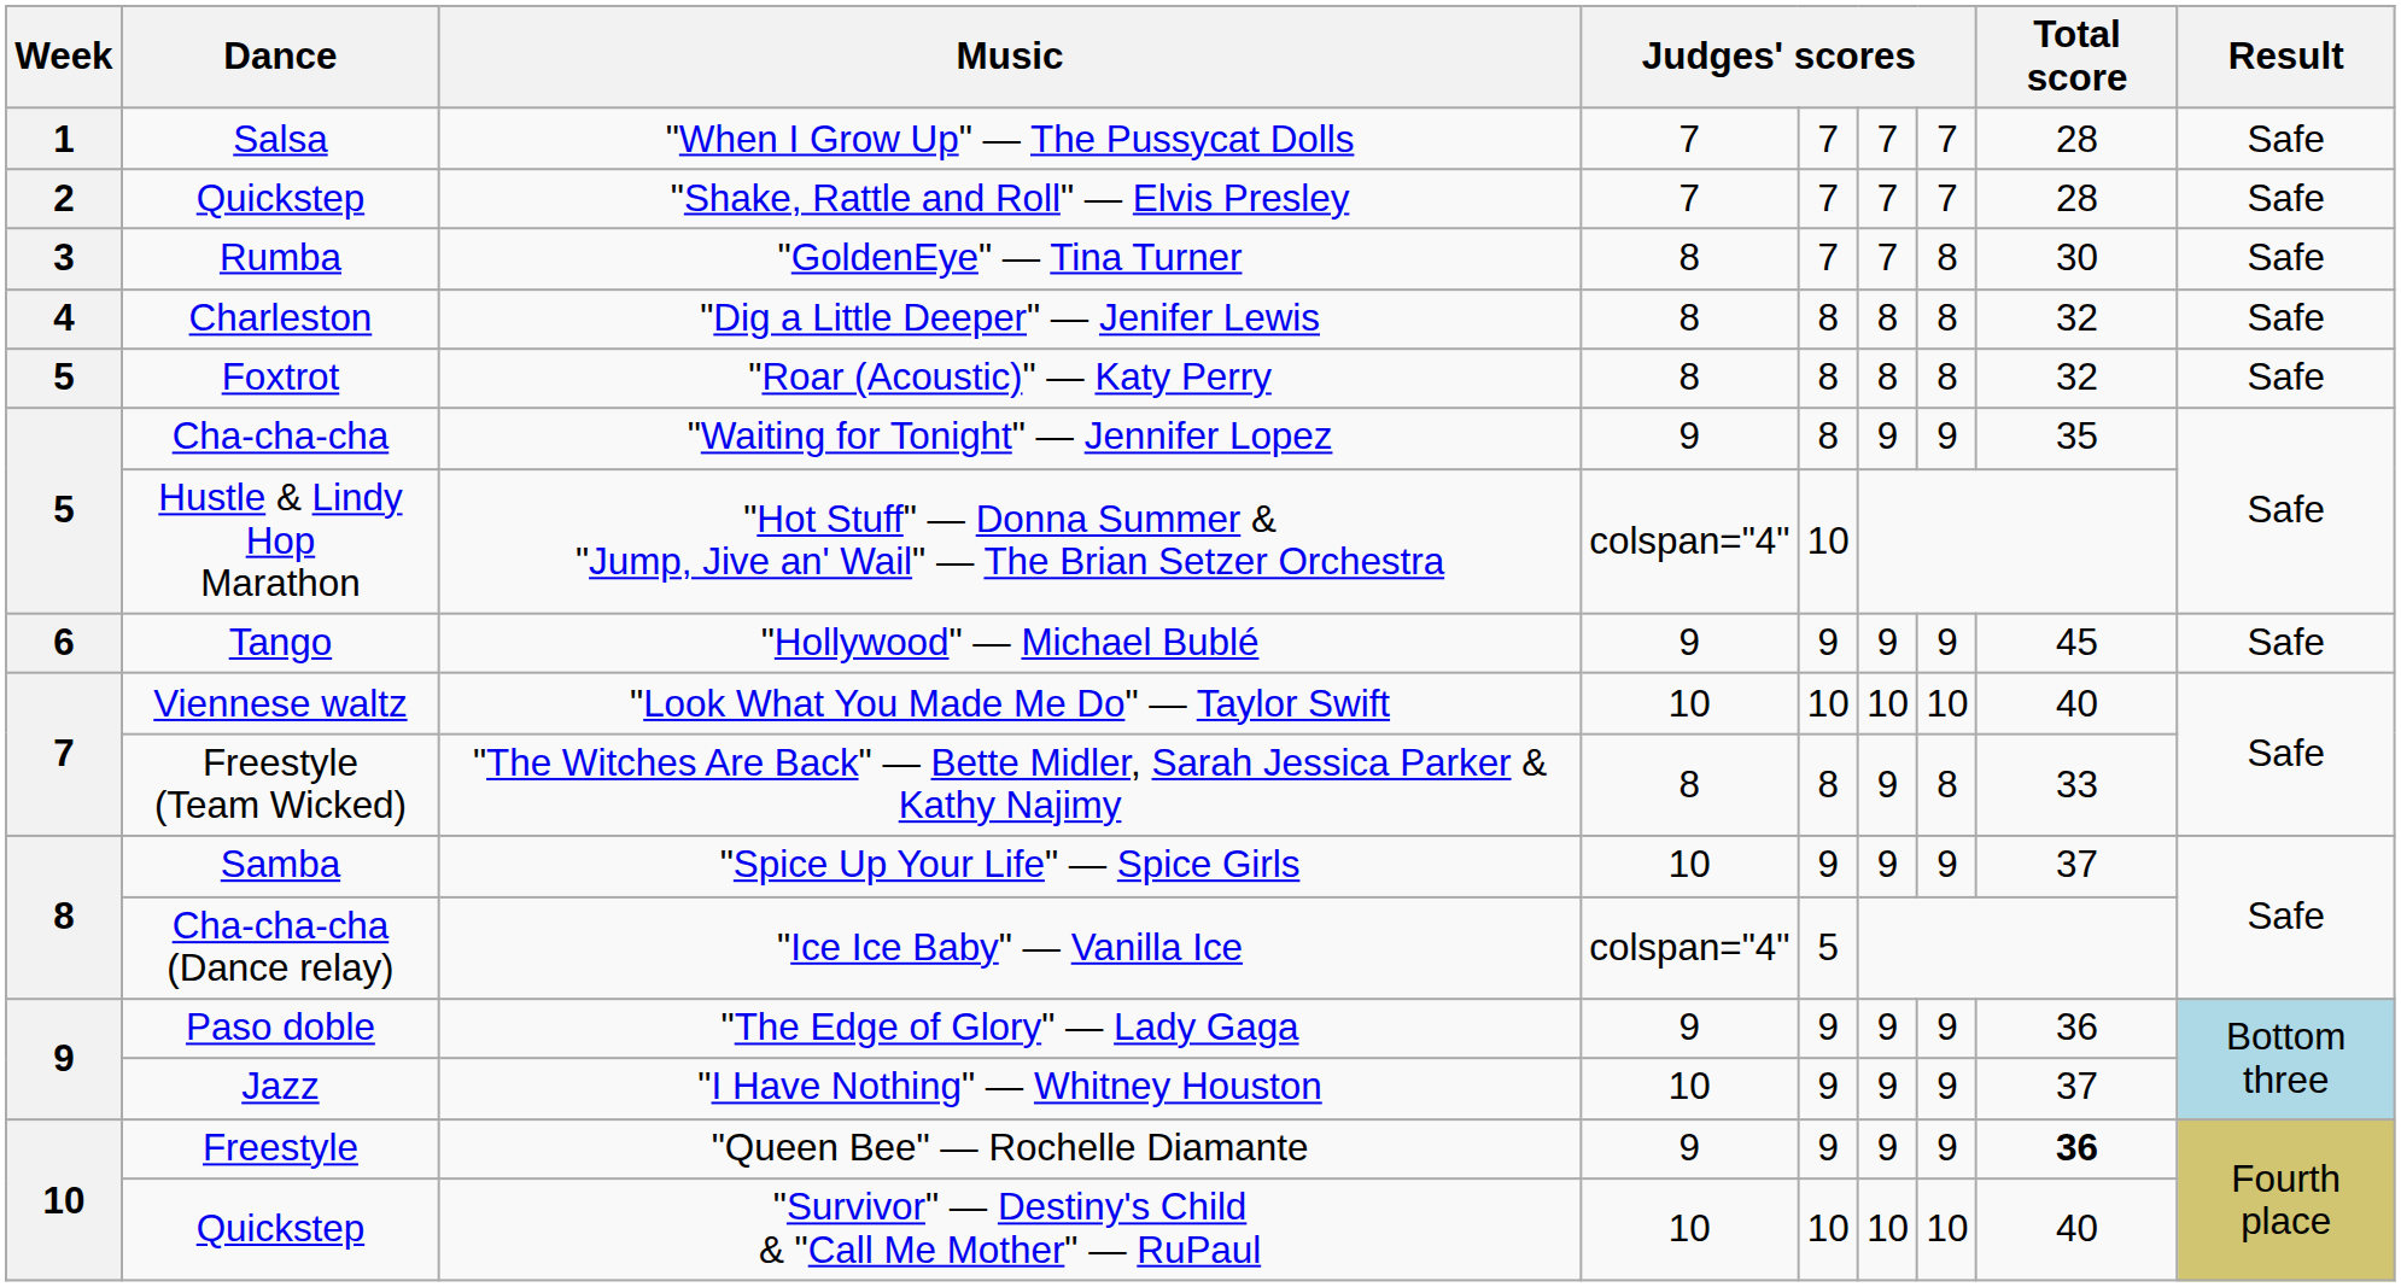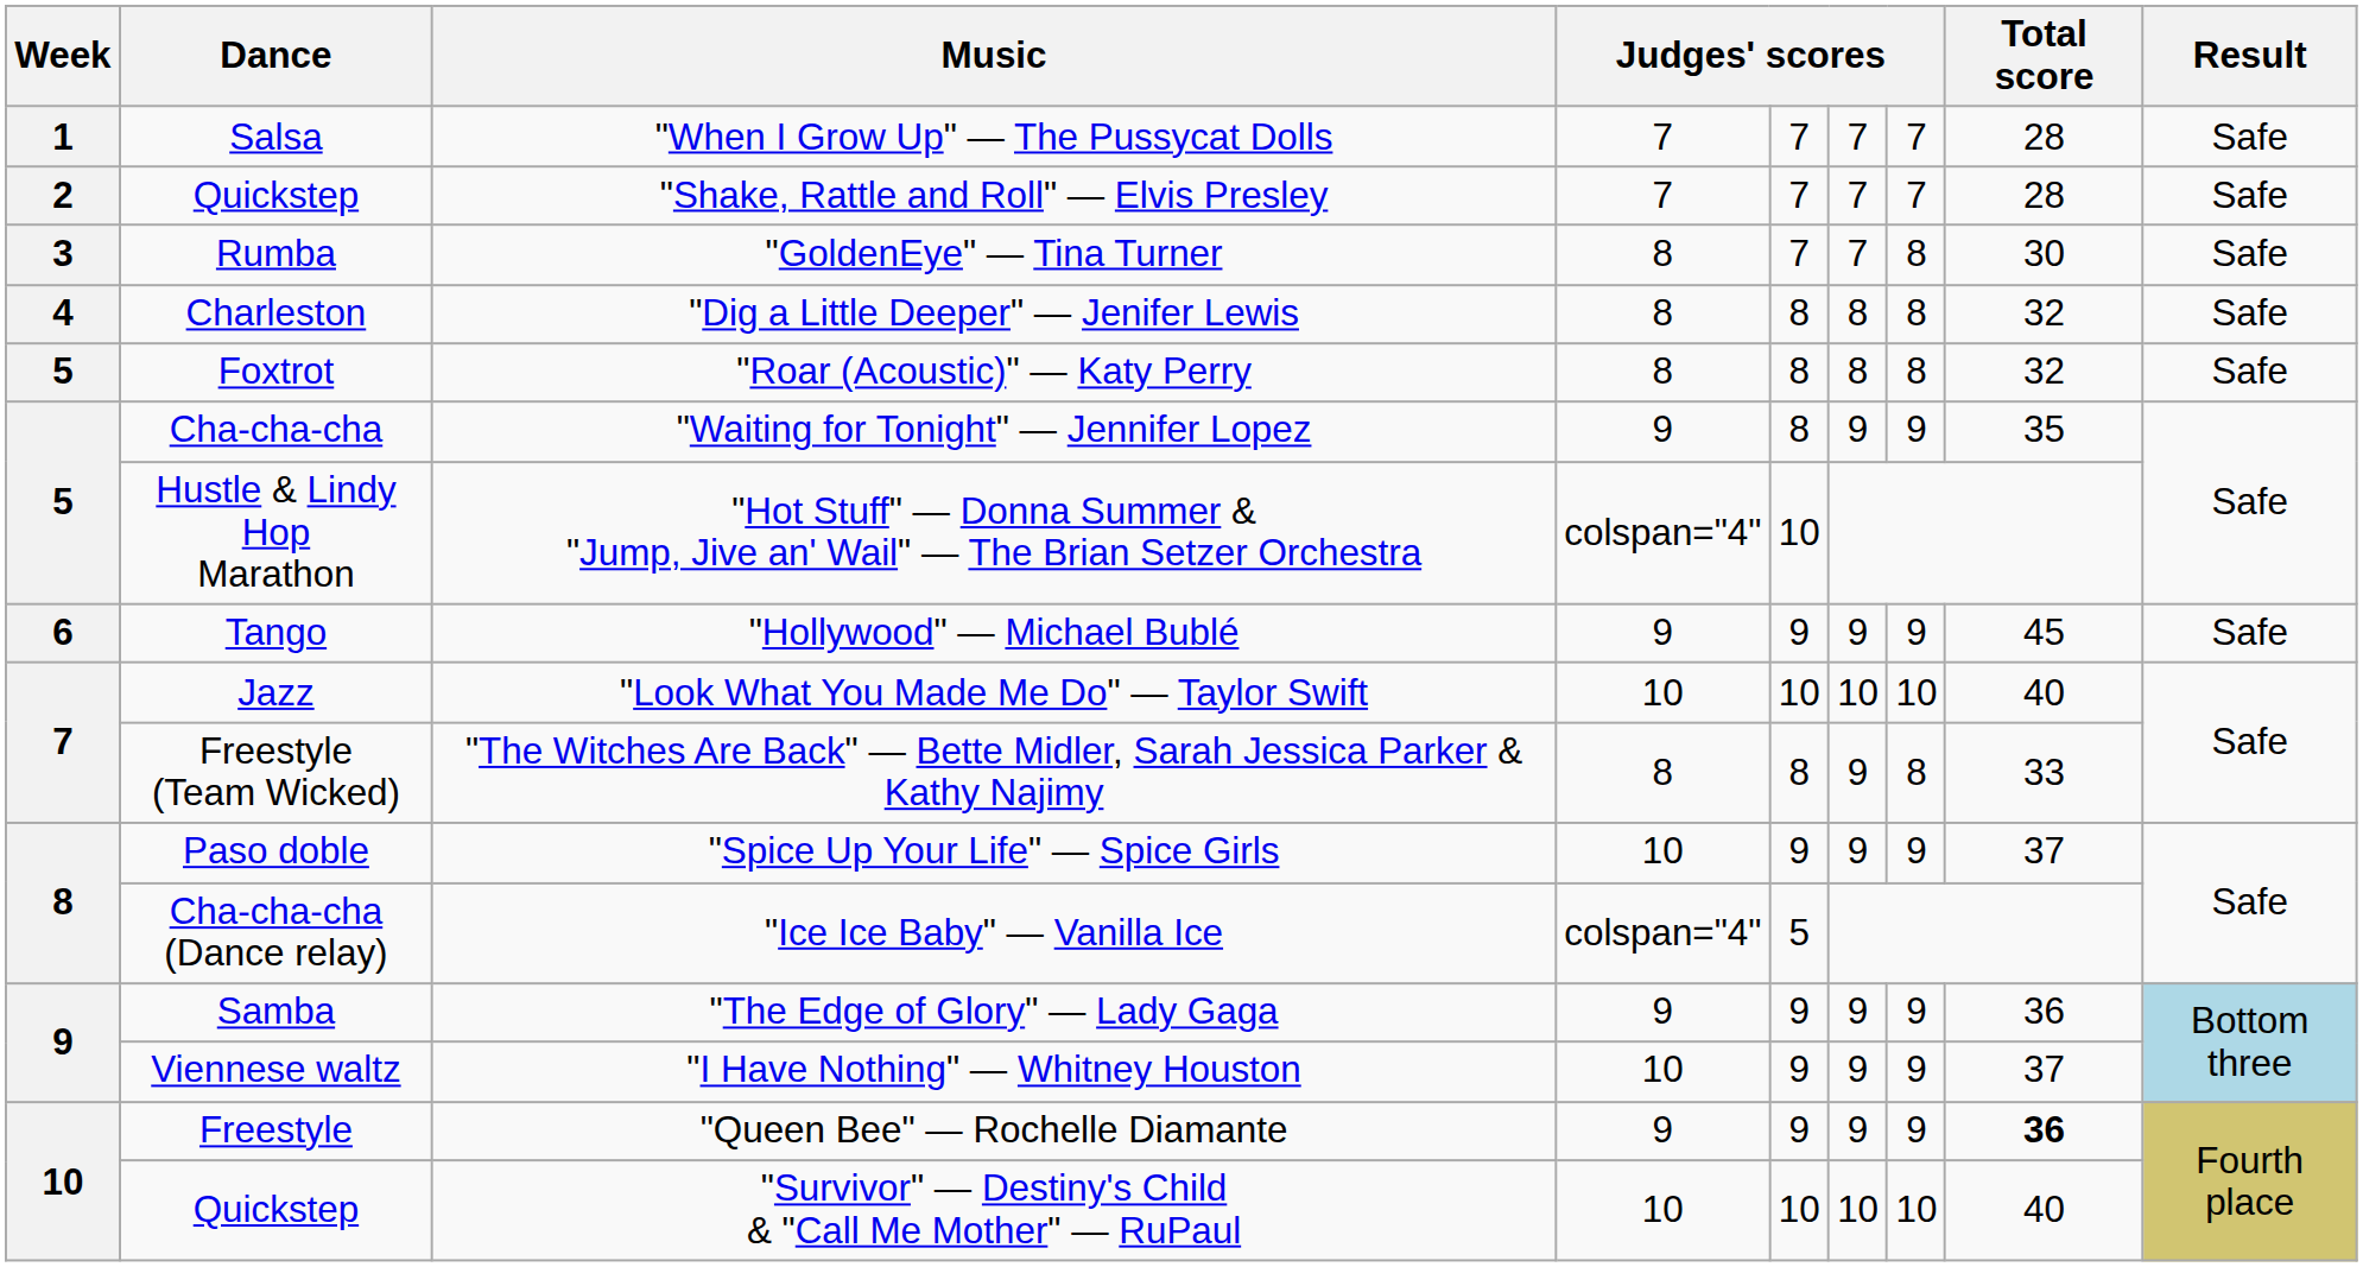 <table class="wikitable unsortable" style="text-align:center; width:80%">
 <tr>
 <th scope="col">Week</th>
 <th scope="col">Dance</th>
 <th scope="col">Music</th>
 <th scope="col" colspan="4">Judges' scores</th>
 <th scope="col">Total score</th>
 <th scope="col">Result</th>
 </tr>
 <tr>
 <th scope="row">1</th>
 <td><a href='#'>Salsa</a></td>
 <td>"<a href='#'>When I Grow Up</a>" — <a href='#'>The Pussycat Dolls</a></td>
 <td>7</td>
 <td>7</td>
 <td>7</td>
 <td>7</td>
 <td>28</td>
 <td>Safe</td>
 </tr>
 <tr>
 <th scope="row">2</th>
 <td><a href='#'>Quickstep</a></td>
 <td>"<a href='#'>Shake, Rattle and Roll</a>" — <a href='#'>Elvis Presley</a></td>
 <td>7</td>
 <td>7</td>
 <td>7</td>
 <td>7</td>
 <td>28</td>
 <td>Safe</td>
 </tr>
 <tr>
 <th scope="row">3</th>
 <td><a href='#'>Rumba</a></td>
 <td>"<a href='#'>GoldenEye</a>" — <a href='#'>Tina Turner</a></td>
 <td>8</td>
 <td>7</td>
 <td>7</td>
 <td>8</td>
 <td>30</td>
 <td>Safe</td>
 </tr>
 <tr>
 <th scope="row">4</th>
 <td><a href='#'>Charleston</a></td>
 <td>"<a href='#'>Dig a Little Deeper</a>" — <a href='#'>Jenifer Lewis</a></td>
 <td>8</td>
 <td>8</td>
 <td>8</td>
 <td>8</td>
 <td>32</td>
 <td>Safe</td>
 </tr>
 <tr>
 <th scope="row">5<br></th>
 <td><a href='#'>Foxtrot</a></td>
 <td>"<a href='#'>Roar (Acoustic)</a>" — <a href='#'>Katy Perry</a></td>
 <td>8</td>
 <td>8</td>
 <td>8</td>
 <td>8</td>
 <td>32</td>
 <td>Safe</td>
 </tr>
 <tr>
 <th rowspan="2" scope="row">5<br></th>
 <td><a href='#'>Cha-cha-cha</a></td>
 <td>"<a href='#'>Waiting for Tonight</a>" — <a href='#'>Jennifer Lopez</a></td>
 <td>9</td>
 <td>8</td>
 <td>9</td>
 <td>9</td>
 <td>35</td>
 <td rowspan="2">Safe</td>
 </tr>
 <tr>
 <td><a href='#'>Hustle</a> & <a href='#'>Lindy Hop</a><br>Marathon</td>
 <td>"<a href='#'>Hot Stuff</a>" — <a href='#'>Donna Summer</a> &<br>"<a href='#'>Jump, Jive an' Wail</a>" — <a href='#'>The Brian Setzer Orchestra</a></td>
 <td>colspan="4" </td>
 <td>10</td>
 </tr>
 <tr>
 <th scope="row">6</th>
 <td><a href='#'>Tango</a></td>
 <td>"<a href='#'>Hollywood</a>" — <a href='#'>Michael Bublé</a></td>
 <td>9</td>
 <td>9</td>
 <td>9</td>
 <td>9</td>
 <td>45</td>
 <td>Safe</td>
 </tr>
 <tr>
 <th rowspan="2" scope="row">7</th>
-<td><a href='#'>Viennese waltz</a></td>
+<td><a href='#'>Jazz</a></td>
 <td>"<a href='#'>Look What You Made Me Do</a>" — <a href='#'>Taylor Swift</a></td>
 <td>10</td>
 <td>10</td>
 <td>10</td>
 <td>10</td>
 <td>40</td>
 <td rowspan="2">Safe</td>
 </tr>
 <tr>
 <td>Freestyle<br>(Team Wicked)</td>
 <td>"<a href='#'>The Witches Are Back</a>" — <a href='#'>Bette Midler</a>, <a href='#'>Sarah Jessica Parker</a> & <a href='#'>Kathy Najimy</a></td>
 <td>8</td>
 <td>8</td>
 <td>9</td>
 <td>8</td>
 <td>33</td>
 </tr>
 <tr>
 <th rowspan="2" scope="row">8</th>
-<td><a href='#'>Samba</a></td>
+<td><a href='#'>Paso doble</a></td>
 <td>"<a href='#'>Spice Up Your Life</a>" — <a href='#'>Spice Girls</a></td>
 <td>10</td>
 <td>9</td>
 <td>9</td>
 <td>9</td>
 <td>37</td>
 <td rowspan="2">Safe</td>
 </tr>
 <tr>
 <td><a href='#'>Cha-cha-cha</a><br>(Dance relay)</td>
 <td>"<a href='#'>Ice Ice Baby</a>" — <a href='#'>Vanilla Ice</a></td>
 <td>colspan="4" </td>
 <td>5</td>
 </tr>
 <tr>
 <th rowspan="2" scope="row">9</th>
-<td><a href='#'>Paso doble</a></td>
+<td><a href='#'>Samba</a></td>
 <td>"<a href='#'>The Edge of Glory</a>" — <a href='#'>Lady Gaga</a></td>
 <td>9</td>
 <td>9</td>
 <td>9</td>
 <td>9</td>
 <td>36</td>
 <td rowspan="2" bgcolor="lightblue">Bottom three</td>
 </tr>
 <tr>
-<td><a href='#'>Jazz</a></td>
+<td><a href='#'>Viennese waltz</a></td>
 <td>"<a href='#'>I Have Nothing</a>" — <a href='#'>Whitney Houston</a></td>
 <td>10</td>
 <td>9</td>
 <td>9</td>
 <td>9</td>
 <td>37</td>
 </tr>
 <tr>
 <th rowspan="2" scope="row">10</th>
 <td><a href='#'>Freestyle</a></td>
 <td>"Queen Bee" — Rochelle Diamante</td>
 <td>9</td>
 <td>9</td>
 <td>9</td>
 <td>9</td>
 <td><strong>36</strong></td>
 <td rowspan="2" bgcolor="d1c571">Fourth place</td>
 </tr>
 <tr>
 <td><a href='#'>Quickstep</a></td>
 <td>"<a href='#'>Survivor</a>" — <a href='#'>Destiny's Child</a><br>& "<a href='#'>Call Me Mother</a>" — <a href='#'>RuPaul</a></td>
 <td>10</td>
 <td>10</td>
 <td>10</td>
 <td>10</td>
 <td>40</td>
 </tr>
 </table>
